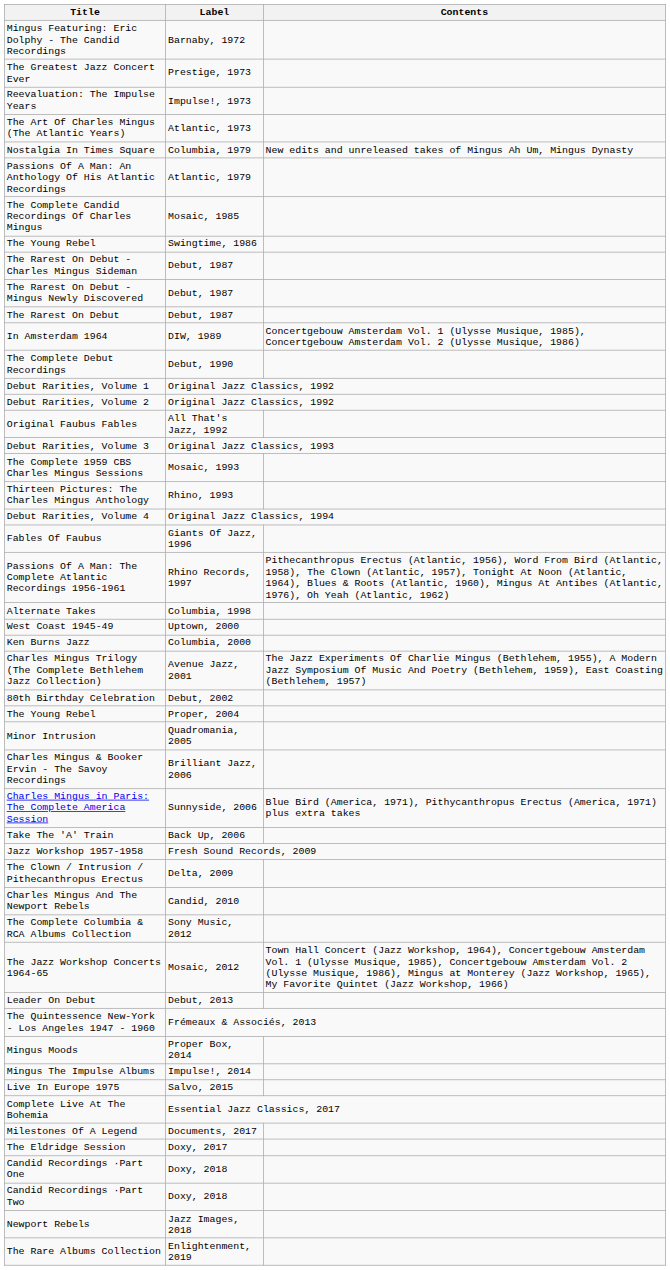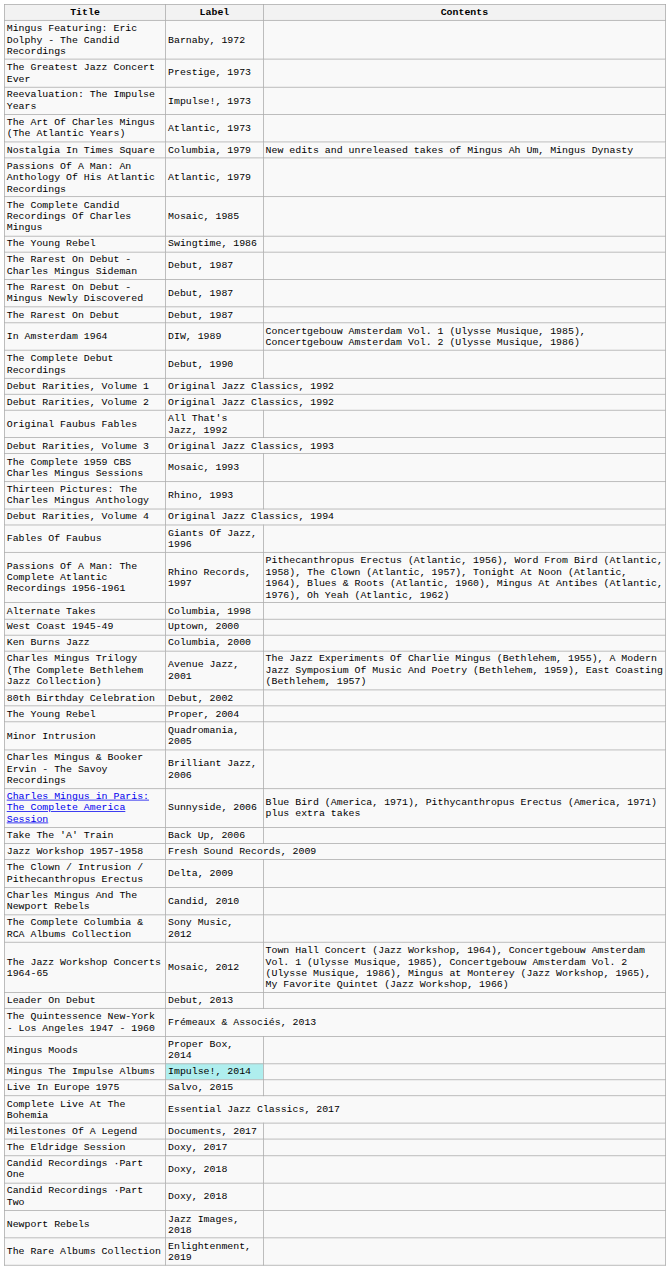 <table class="wikitable">
 <tr>
 <th>Title</th>
 <th>Label</th>
 <th>Contents</th>
 </tr>
 <tr>
 <td>Mingus Featuring: Eric  Dolphy - The Candid Recordings</td>
 <td>Barnaby, 1972</td>
 <td></td>
 </tr>
 <tr>
 <td>The Greatest Jazz Concert  Ever</td>
 <td>Prestige, 1973</td>
 <td></td>
 </tr>
 <tr>
 <td>Reevaluation: The Impulse  Years</td>
 <td>Impulse!, 1973</td>
 <td></td>
 </tr>
 <tr>
 <td>The Art Of Charles Mingus  (The Atlantic Years)</td>
 <td>Atlantic, 1973</td>
 <td></td>
 </tr>
 <tr>
 <td>Nostalgia In Times Square</td>
 <td>Columbia, 1979</td>
 <td>New edits and unreleased takes of Mingus Ah Um, Mingus Dynasty</td>
 </tr>
 <tr>
 <td>Passions Of A Man: An  Anthology Of His Atlantic Recordings</td>
 <td>Atlantic, 1979</td>
 <td></td>
 </tr>
 <tr>
 <td>The Complete Candid  Recordings Of Charles Mingus</td>
 <td>Mosaic, 1985</td>
 <td></td>
 </tr>
 <tr>
 <td>The Young Rebel</td>
 <td>Swingtime, 1986</td>
 <td></td>
 </tr>
 <tr>
 <td>The Rarest On Debut - Charles  Mingus Sideman</td>
 <td>Debut, 1987</td>
 <td></td>
 </tr>
 <tr>
 <td>The Rarest On Debut - Mingus  Newly Discovered</td>
 <td>Debut, 1987</td>
 <td></td>
 </tr>
 <tr>
 <td>The Rarest On Debut</td>
 <td>Debut, 1987</td>
 <td></td>
 </tr>
 <tr>
 <td>In Amsterdam 1964</td>
 <td>DIW, 1989</td>
 <td>Concertgebouw Amsterdam Vol. 1 (Ulysse Musique, 1985),  Concertgebouw Amsterdam Vol. 2 (Ulysse Musique, 1986)</td>
 </tr>
 <tr>
 <td>The Complete Debut Recordings</td>
 <td>Debut, 1990</td>
 <td></td>
 </tr>
 <tr>
 <td>Debut Rarities, Volume 1</td>
 <td colspan="2">Original Jazz Classics,  1992</td>
 </tr>
 <tr>
 <td>Debut Rarities, Volume 2</td>
 <td colspan="2">Original Jazz Classics,  1992</td>
 </tr>
 <tr>
 <td>Original Faubus Fables</td>
 <td>All That's Jazz, 1992</td>
 <td></td>
 </tr>
 <tr>
 <td>Debut Rarities, Volume 3</td>
 <td colspan="2">Original Jazz Classics,  1993</td>
 </tr>
 <tr>
 <td>The Complete 1959 CBS Charles  Mingus Sessions</td>
 <td>Mosaic, 1993</td>
 <td></td>
 </tr>
 <tr>
 <td>Thirteen Pictures: The  Charles Mingus Anthology</td>
 <td>Rhino, 1993</td>
 <td></td>
 </tr>
 <tr>
 <td>Debut Rarities, Volume 4</td>
 <td colspan="2">Original Jazz Classics,  1994</td>
 </tr>
 <tr>
 <td>Fables Of Faubus</td>
 <td>Giants Of Jazz, 1996</td>
 <td></td>
 </tr>
 <tr>
 <td>Passions Of A Man: The  Complete Atlantic Recordings 1956-1961</td>
 <td>Rhino Records, 1997</td>
 <td>Pithecanthropus Erectus (Atlantic, 1956), Word From Bird  (Atlantic, 1958), The Clown (Atlantic, 1957), Tonight At Noon (Atlantic,  1964), Blues & Roots (Atlantic, 1960), Mingus At Antibes (Atlantic,  1976), Oh Yeah (Atlantic, 1962)</td>
 </tr>
 <tr>
 <td>Alternate Takes</td>
 <td>Columbia, 1998</td>
 <td></td>
 </tr>
 <tr>
 <td>West Coast 1945-49</td>
 <td>Uptown, 2000</td>
 <td></td>
 </tr>
 <tr>
 <td>Ken Burns Jazz</td>
 <td>Columbia, 2000</td>
 <td></td>
 </tr>
 <tr>
 <td>Charles Mingus Trilogy (The  Complete Bethlehem Jazz Collection)</td>
 <td>Avenue Jazz, 2001</td>
 <td>The Jazz Experiments Of Charlie Mingus (Bethlehem, 1955), A Modern Jazz Symposium Of Music And Poetry (Bethlehem, 1959), East Coasting (Bethlehem, 1957)</td>
 </tr>
 <tr>
 <td>80th Birthday Celebration</td>
 <td>Debut, 2002</td>
 <td></td>
 </tr>
 <tr>
 <td>The Young Rebel</td>
 <td>Proper, 2004</td>
 <td></td>
 </tr>
 <tr>
 <td>Minor Intrusion</td>
 <td>Quadromania, 2005</td>
 <td></td>
 </tr>
 <tr>
 <td>Charles  Mingus & Booker Ervin - The Savoy Recordings</td>
 <td>Brilliant Jazz, 2006</td>
 <td></td>
 </tr>
 <tr>
 <td><a href='#'>Charles Mingus in Paris: The  Complete America Session</a></td>
 <td>Sunnyside, 2006</td>
 <td>Blue Bird (America, 1971), Pithycanthropus Erectus (America,  1971) plus extra takes</td>
 </tr>
 <tr>
 <td>Take The 'A' Train</td>
 <td>Back Up, 2006</td>
 <td></td>
 </tr>
 <tr>
 <td>Jazz Workshop 1957-1958</td>
 <td colspan="2">Fresh Sound Records, 2009</td>
 </tr>
 <tr>
 <td>The Clown / Intrusion /  Pithecanthropus Erectus</td>
 <td>Delta, 2009</td>
 <td></td>
 </tr>
 <tr>
 <td>Charles Mingus And The  Newport Rebels</td>
 <td>Candid, 2010</td>
 <td></td>
 </tr>
 <tr>
 <td>The Complete Columbia &  RCA Albums Collection</td>
 <td>Sony Music, 2012</td>
 <td></td>
 </tr>
 <tr>
 <td>The Jazz Workshop Concerts  1964-65</td>
 <td>Mosaic, 2012</td>
 <td>Town Hall Concert (Jazz Workshop, 1964), Concertgebouw  Amsterdam Vol. 1 (Ulysse Musique, 1985), Concertgebouw Amsterdam Vol. 2  (Ulysse Musique, 1986), Mingus at Monterey (Jazz Workshop, 1965), My Favorite  Quintet (Jazz Workshop, 1966)</td>
 </tr>
 <tr>
 <td>Leader On Debut</td>
 <td>Debut, 2013</td>
 <td></td>
 </tr>
 <tr>
 <td>The Quintessence New-York -  Los Angeles 1947 - 1960</td>
 <td colspan="2">Frémeaux & Associés,  2013</td>
 </tr>
 <tr>
 <td>Mingus Moods</td>
 <td>Proper Box, 2014</td>
 <td></td>
 </tr>
 <tr>
 <td>Mingus The Impulse Albums</td>
-<td>Impulse!, 2014</td>
+<td style="background: paleturquoise;">Impulse!, 2014</td>
 <td></td>
 </tr>
 <tr>
 <td>Live In Europe 1975</td>
 <td>Salvo, 2015</td>
 <td></td>
 </tr>
 <tr>
 <td>Complete Live At The Bohemia</td>
 <td colspan="2">Essential Jazz Classics,  2017</td>
 </tr>
 <tr>
 <td>Milestones Of A Legend</td>
 <td>Documents, 2017</td>
 <td></td>
 </tr>
 <tr>
 <td>The Eldridge Session</td>
 <td>Doxy, 2017</td>
 <td></td>
 </tr>
 <tr>
 <td>Candid Recordings ·Part One</td>
 <td>Doxy, 2018</td>
 <td></td>
 </tr>
 <tr>
 <td>Candid Recordings ·Part Two</td>
 <td>Doxy, 2018</td>
 <td></td>
 </tr>
 <tr>
 <td>Newport Rebels</td>
 <td>Jazz Images, 2018</td>
 <td></td>
 </tr>
 <tr>
 <td>The Rare Albums Collection</td>
 <td>Enlightenment, 2019</td>
 <td></td>
 </tr>
 </table>
